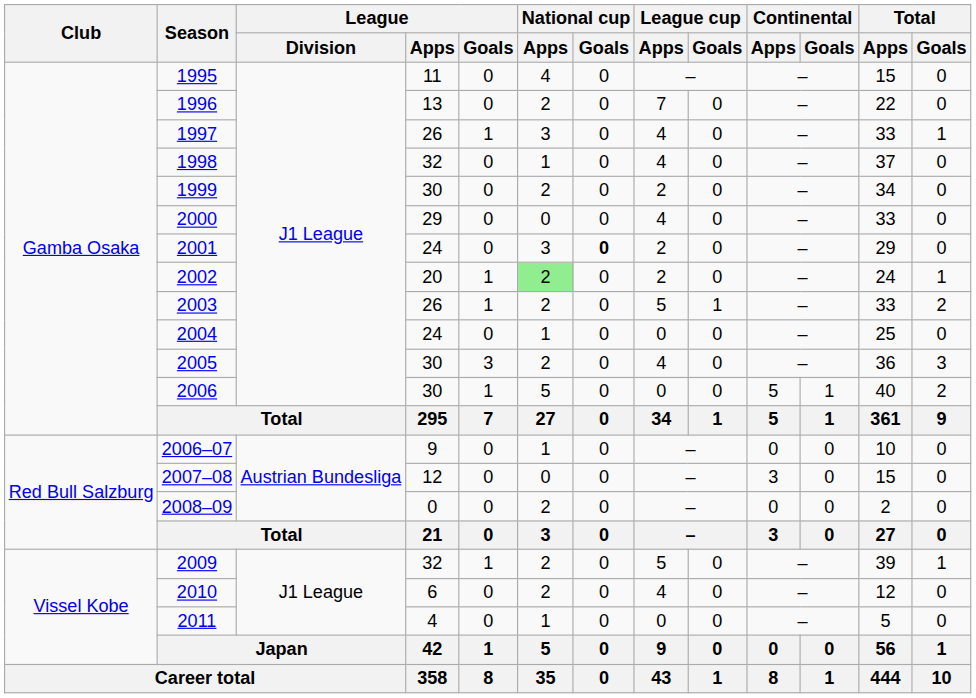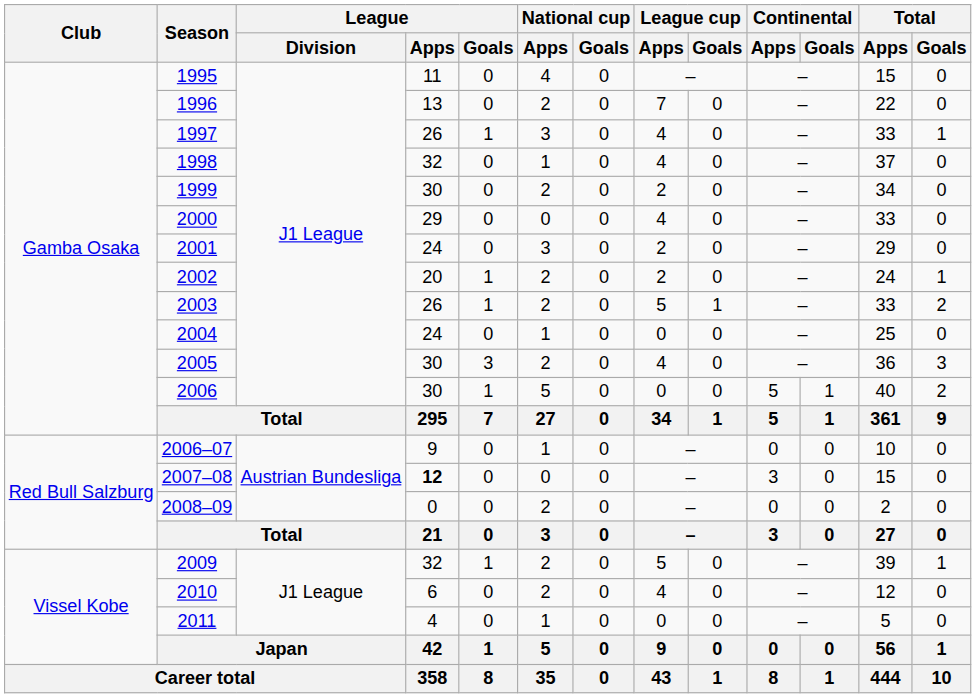 <table class="wikitable" style="text-align:center">
 <tr>
 <th rowspan="2">Club</th>
 <th rowspan="2">Season</th>
 <th colspan="3">League</th>
 <th colspan="2">National cup</th>
 <th colspan="2">League cup</th>
 <th colspan="2">Continental</th>
 <th colspan="2">Total</th>
 </tr>
 <tr>
 <th>Division</th>
 <th>Apps</th>
 <th>Goals</th>
 <th>Apps</th>
 <th>Goals</th>
 <th>Apps</th>
 <th>Goals</th>
 <th>Apps</th>
 <th>Goals</th>
 <th>Apps</th>
 <th>Goals</th>
 </tr>
 <tr>
 <td rowspan="13"><a href='#'>Gamba Osaka</a></td>
 <td><a href='#'>1995</a></td>
 <td rowspan="12"><a href='#'>J1 League</a></td>
 <td>11</td>
 <td>0</td>
 <td>4</td>
 <td>0</td>
 <td colspan="2">–</td>
 <td colspan="2">–</td>
 <td>15</td>
 <td>0</td>
 </tr>
 <tr>
 <td><a href='#'>1996</a></td>
 <td>13</td>
 <td>0</td>
 <td>2</td>
 <td>0</td>
 <td>7</td>
 <td>0</td>
 <td colspan="2">–</td>
 <td>22</td>
 <td>0</td>
 </tr>
 <tr>
 <td><a href='#'>1997</a></td>
 <td>26</td>
 <td>1</td>
 <td>3</td>
 <td>0</td>
 <td>4</td>
 <td>0</td>
 <td colspan="2">–</td>
 <td>33</td>
 <td>1</td>
 </tr>
 <tr>
 <td><a href='#'>1998</a></td>
 <td>32</td>
 <td>0</td>
 <td>1</td>
 <td>0</td>
 <td>4</td>
 <td>0</td>
 <td colspan="2">–</td>
 <td>37</td>
 <td>0</td>
 </tr>
 <tr>
 <td><a href='#'>1999</a></td>
 <td>30</td>
 <td>0</td>
 <td>2</td>
 <td>0</td>
 <td>2</td>
 <td>0</td>
 <td colspan="2">–</td>
 <td>34</td>
 <td>0</td>
 </tr>
 <tr>
 <td><a href='#'>2000</a></td>
 <td>29</td>
 <td>0</td>
 <td>0</td>
 <td>0</td>
 <td>4</td>
 <td>0</td>
 <td colspan="2">–</td>
 <td>33</td>
 <td>0</td>
 </tr>
 <tr>
 <td><a href='#'>2001</a></td>
 <td>24</td>
 <td>0</td>
 <td>3</td>
-<td><strong>0</strong></td>
+<td>0</td>
 <td>2</td>
 <td>0</td>
 <td colspan="2">–</td>
 <td>29</td>
 <td>0</td>
 </tr>
 <tr>
 <td><a href='#'>2002</a></td>
 <td>20</td>
 <td>1</td>
-<td style="background: lightgreen;">2</td>
+<td>2</td>
 <td>0</td>
 <td>2</td>
 <td>0</td>
 <td colspan="2">–</td>
 <td>24</td>
 <td>1</td>
 </tr>
 <tr>
 <td><a href='#'>2003</a></td>
 <td>26</td>
 <td>1</td>
 <td>2</td>
 <td>0</td>
 <td>5</td>
 <td>1</td>
 <td colspan="2">–</td>
 <td>33</td>
 <td>2</td>
 </tr>
 <tr>
 <td><a href='#'>2004</a></td>
 <td>24</td>
 <td>0</td>
 <td>1</td>
 <td>0</td>
 <td>0</td>
 <td>0</td>
 <td colspan="2">–</td>
 <td>25</td>
 <td>0</td>
 </tr>
 <tr>
 <td><a href='#'>2005</a></td>
 <td>30</td>
 <td>3</td>
 <td>2</td>
 <td>0</td>
 <td>4</td>
 <td>0</td>
 <td colspan="2">–</td>
 <td>36</td>
 <td>3</td>
 </tr>
 <tr>
 <td><a href='#'>2006</a></td>
 <td>30</td>
 <td>1</td>
 <td>5</td>
 <td>0</td>
 <td>0</td>
 <td>0</td>
 <td>5</td>
 <td>1</td>
 <td>40</td>
 <td>2</td>
 </tr>
 <tr>
 <th colspan="2">Total</th>
 <th>295</th>
 <th>7</th>
 <th>27</th>
 <th>0</th>
 <th>34</th>
 <th>1</th>
 <th>5</th>
 <th>1</th>
 <th>361</th>
 <th>9</th>
 </tr>
 <tr>
 <td rowspan="4"><a href='#'>Red Bull Salzburg</a></td>
 <td><a href='#'>2006–07</a></td>
 <td rowspan="3"><a href='#'>Austrian Bundesliga</a></td>
 <td>9</td>
 <td>0</td>
 <td>1</td>
 <td>0</td>
 <td colspan="2">–</td>
 <td>0</td>
 <td>0</td>
 <td>10</td>
 <td>0</td>
 </tr>
 <tr>
 <td><a href='#'>2007–08</a></td>
-<td>12</td>
+<td><strong>12</strong></td>
 <td>0</td>
 <td>0</td>
 <td>0</td>
 <td colspan="2">–</td>
 <td>3</td>
 <td>0</td>
 <td>15</td>
 <td>0</td>
 </tr>
 <tr>
 <td><a href='#'>2008–09</a></td>
 <td>0</td>
 <td>0</td>
 <td>2</td>
 <td>0</td>
 <td colspan="2">–</td>
 <td>0</td>
 <td>0</td>
 <td>2</td>
 <td>0</td>
 </tr>
 <tr>
 <th colspan="2">Total</th>
 <th>21</th>
 <th>0</th>
 <th>3</th>
 <th>0</th>
 <th colspan="2">–</th>
 <th>3</th>
 <th>0</th>
 <th>27</th>
 <th>0</th>
 </tr>
 <tr>
 <td rowspan="4"><a href='#'>Vissel Kobe</a></td>
 <td><a href='#'>2009</a></td>
 <td rowspan="3">J1 League</td>
 <td>32</td>
 <td>1</td>
 <td>2</td>
 <td>0</td>
 <td>5</td>
 <td>0</td>
 <td colspan="2">–</td>
 <td>39</td>
 <td>1</td>
 </tr>
 <tr>
 <td><a href='#'>2010</a></td>
 <td>6</td>
 <td>0</td>
 <td>2</td>
 <td>0</td>
 <td>4</td>
 <td>0</td>
 <td colspan="2">–</td>
 <td>12</td>
 <td>0</td>
 </tr>
 <tr>
 <td><a href='#'>2011</a></td>
 <td>4</td>
 <td>0</td>
 <td>1</td>
 <td>0</td>
 <td>0</td>
 <td>0</td>
 <td colspan="2">–</td>
 <td>5</td>
 <td>0</td>
 </tr>
 <tr>
 <th colspan="2">Japan</th>
 <th>42</th>
 <th>1</th>
 <th>5</th>
 <th>0</th>
 <th>9</th>
 <th>0</th>
 <th>0</th>
 <th>0</th>
 <th>56</th>
 <th>1</th>
 </tr>
 <tr>
 <th colspan="3">Career total</th>
 <th>358</th>
 <th>8</th>
 <th>35</th>
 <th>0</th>
 <th>43</th>
 <th>1</th>
 <th>8</th>
 <th>1</th>
 <th>444</th>
 <th>10</th>
 </tr>
 </table>
